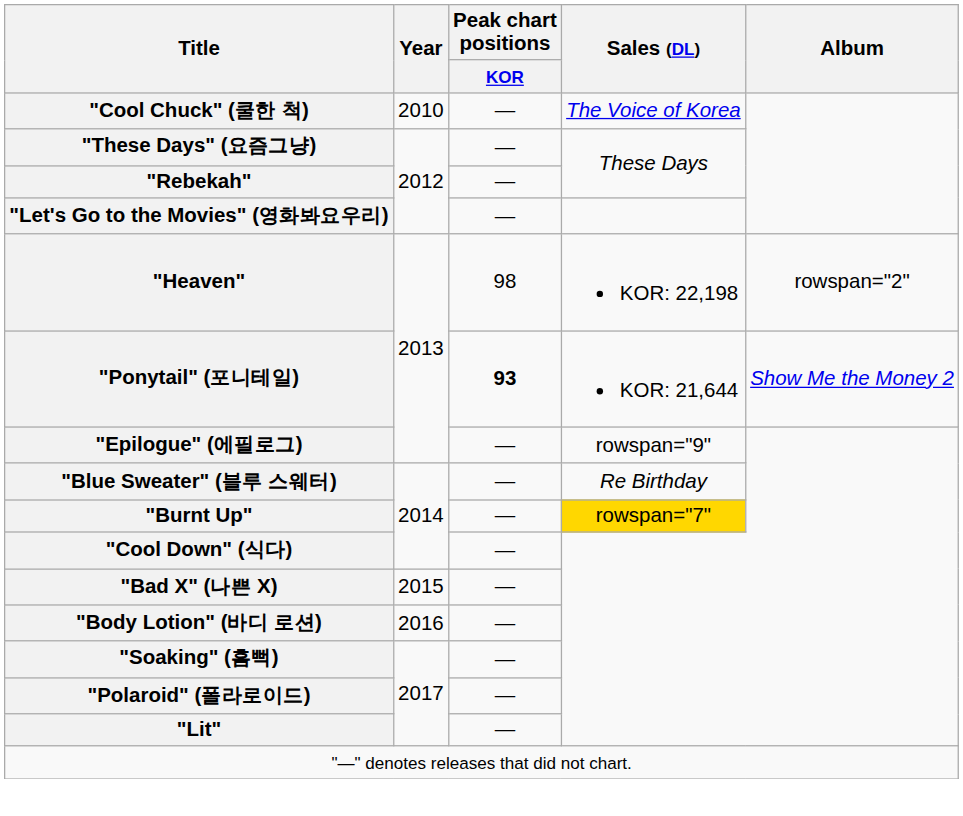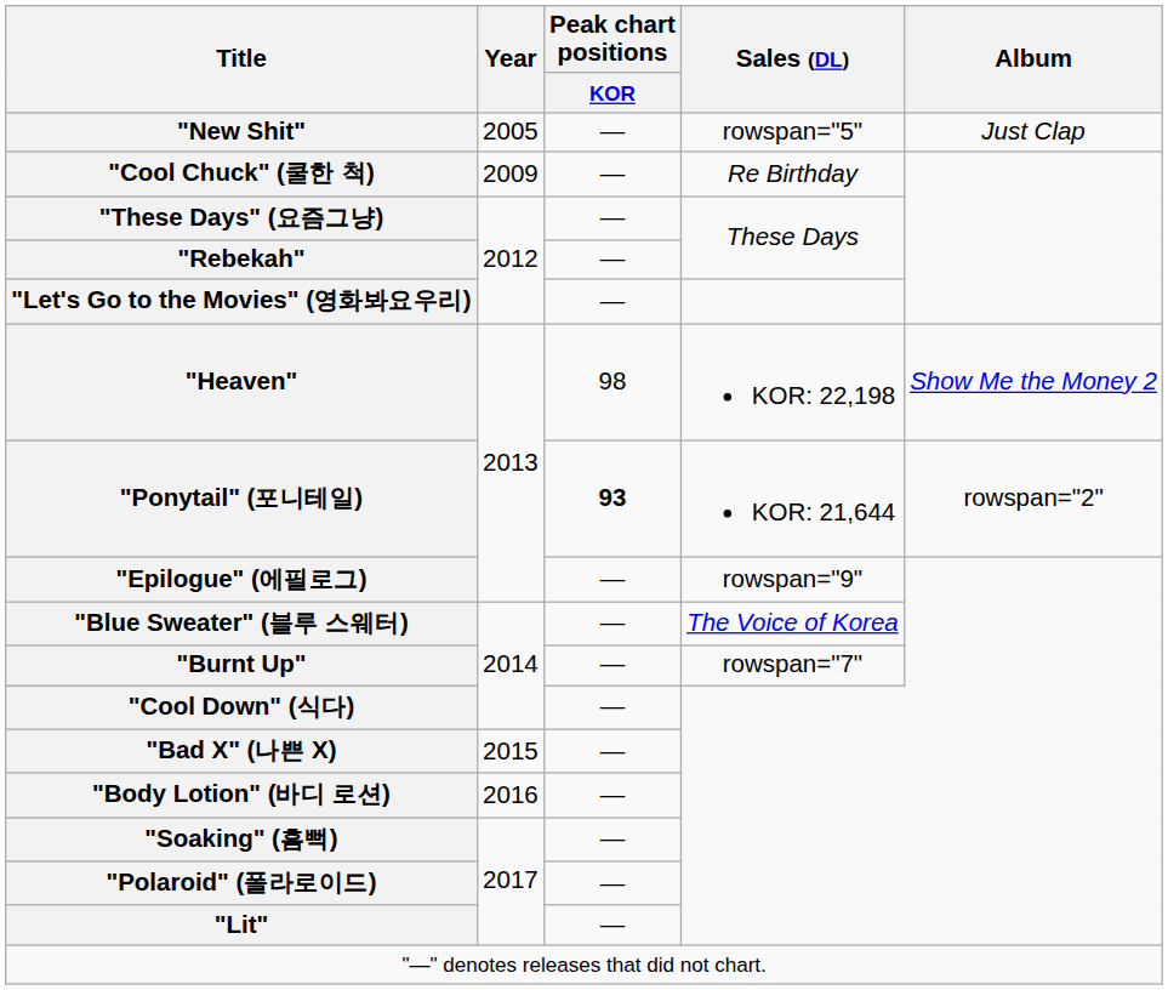 <table class="wikitable plainrowheaders" style="text-align:center;">
 <tr>
 <th scope="col" rowspan="2">Title</th>
 <th scope="col" rowspan="2">Year</th>
 <th scope="col" colspan="1">Peak chart <br> positions</th>
 <th scope="col" rowspan="2">Sales <small>(<a href='#'>DL</a>)</small></th>
 <th scope="col" rowspan="2">Album</th>
 </tr>
 <tr>
 <th><small><a href='#'>KOR</a></small><br></th>
 </tr>
 <tr>
+<th scope="row">"New Shit"</th>
+<td>2005</td>
+<td>—</td>
+<td>rowspan="5" </td>
+<td><em>Just Clap</em></td>
+</tr>
+<tr>
 <th scope="row">"Cool Chuck" (쿨한 척)<br></th>
-<td>2010</td>
+<td>2009</td>
 <td>—</td>
-<td><em><a href='#'>The Voice of Korea</a></em></td>
+<td><em>Re Birthday</em></td>
 </tr>
 <tr>
 <th scope="row">"These Days" (요즘그냥)<br></th>
 <td rowspan="3">2012</td>
 <td>—</td>
 <td rowspan="2"><em>These Days</em></td>
 </tr>
 <tr>
 <th scope="row">"Rebekah"<br></th>
 <td>—</td>
 </tr>
 <tr>
 <th scope="row">"Let's Go to the Movies" (영화봐요우리)<br></th>
 <td>—</td>
 <td></td>
 </tr>
 <tr>
 <th scope="row">"Heaven"<br></th>
 <td rowspan="3">2013</td>
 <td>98</td>
 <td><br><ul><li>KOR: 22,198</li></ul></td>
-<td>rowspan="2" </td>
+<td><em><a href='#'>Show Me the Money 2</a></em></td>
 </tr>
 <tr>
 <th scope="row">"Ponytail" (포니테일)<br></th>
 <td><strong>93</strong></td>
 <td><br><ul><li>KOR: 21,644</li></ul></td>
-<td><em><a href='#'>Show Me the Money 2</a></em></td>
+<td>rowspan="2" </td>
 </tr>
 <tr>
 <th scope="row">"Epilogue" (에필로그)<br></th>
 <td>—</td>
 <td>rowspan="9" </td>
 </tr>
 <tr>
 <th scope="row">"Blue Sweater" (블루 스웨터)<br></th>
 <td rowspan="3">2014</td>
 <td>—</td>
-<td><em>Re Birthday</em></td>
+<td><em><a href='#'>The Voice of Korea</a></em></td>
 </tr>
 <tr>
 <th scope="row">"Burnt Up"<br></th>
 <td>—</td>
-<td style="background: gold;">rowspan="7" </td>
+<td>rowspan="7" </td>
 </tr>
 <tr>
 <th scope="row">"Cool Down" (식다)</th>
 <td>—</td>
 </tr>
 <tr>
 <th scope="row">"Bad X" (나쁜 X)<br></th>
 <td>2015</td>
 <td>—</td>
 </tr>
 <tr>
 <th scope="row">"Body Lotion" (바디 로션)<br></th>
 <td>2016</td>
 <td>—</td>
 </tr>
 <tr>
 <th scope="row">"Soaking" (흠뻑)<br></th>
 <td rowspan="3">2017</td>
 <td>—</td>
 </tr>
 <tr>
 <th scope="row">"Polaroid" (폴라로이드)<br></th>
 <td>—</td>
 </tr>
 <tr>
 <th scope="row">"Lit"</th>
 <td>—</td>
 </tr>
 <tr>
 <td colspan="5" align="center"><small>"—" denotes releases that did not chart.</small></td>
 </tr>
 </table>
